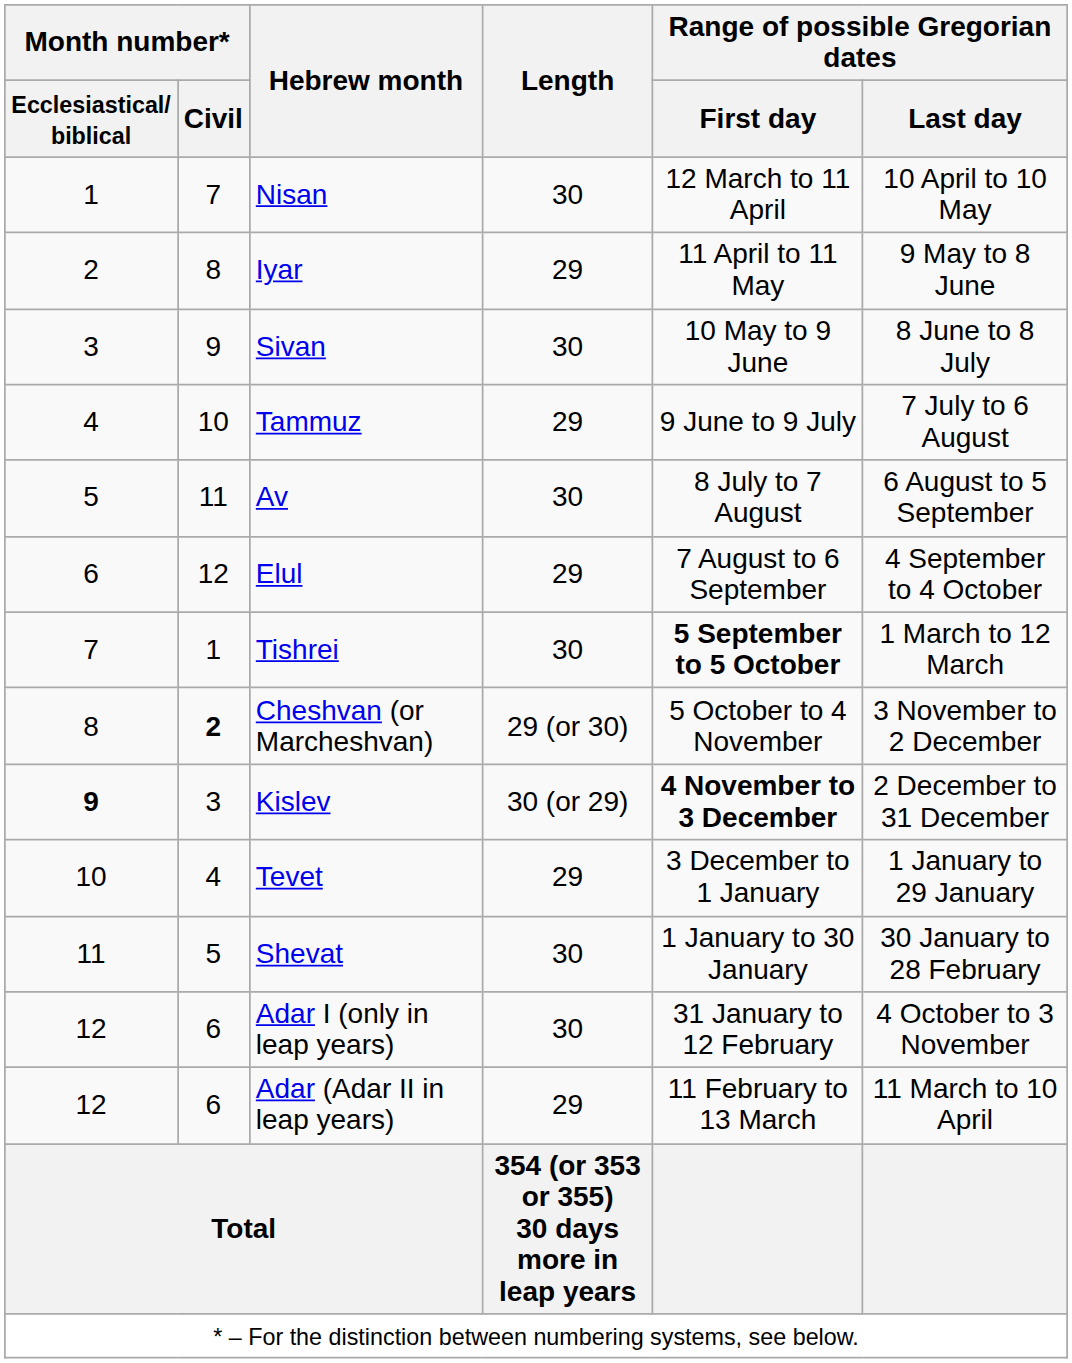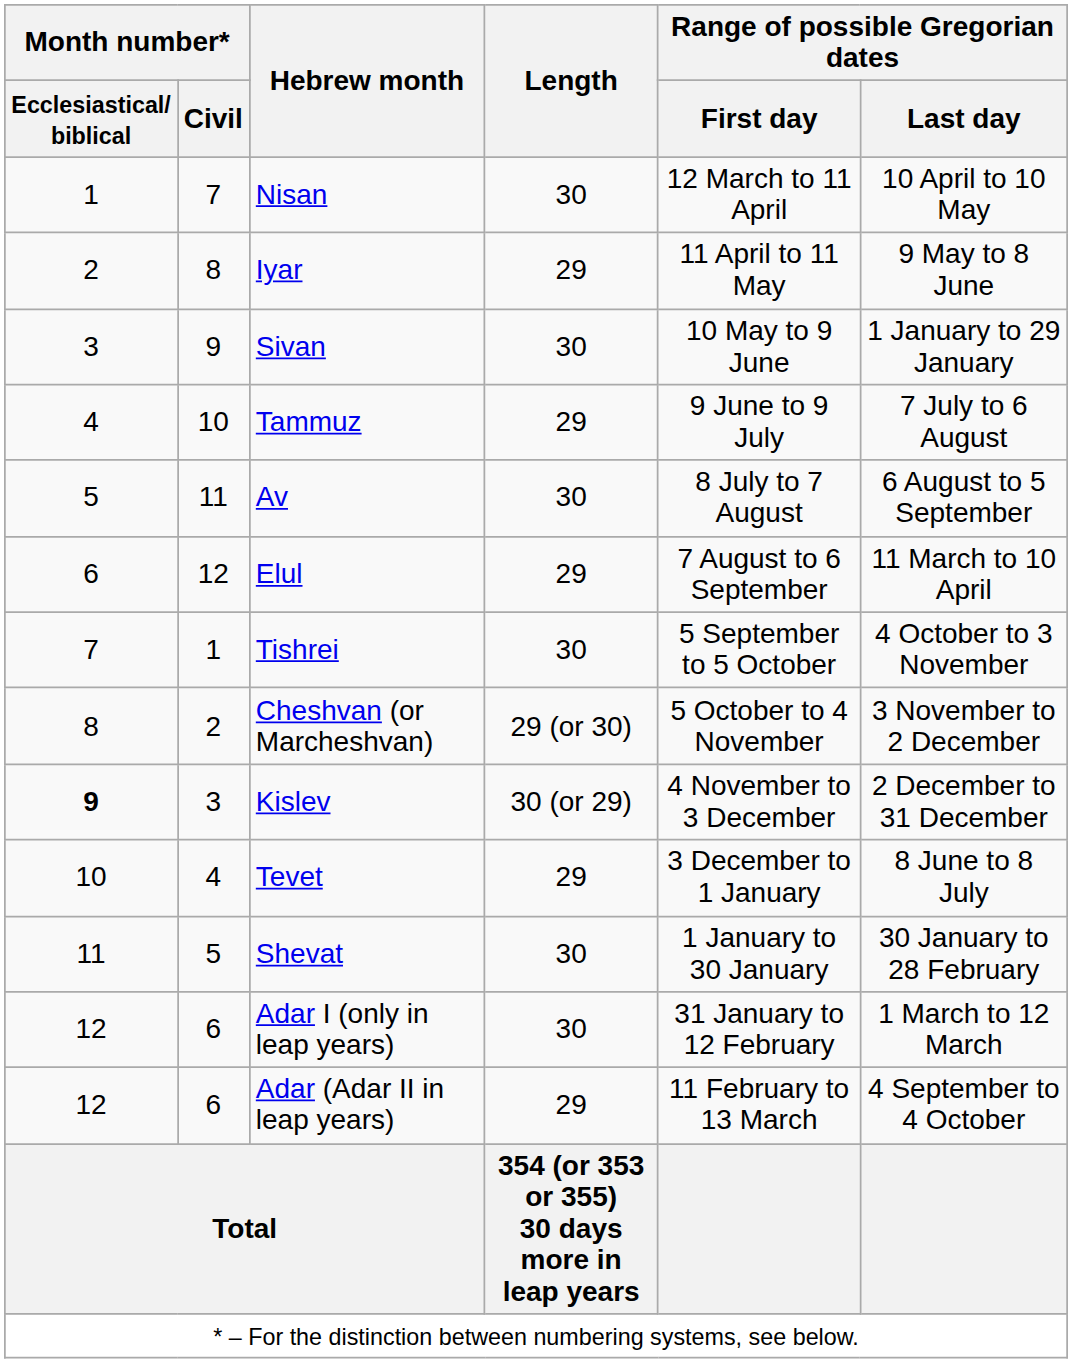 <table class="wikitable">
 <tr>
 <th colspan="2">Month number*</th>
 <th rowspan="2">Hebrew month</th>
 <th rowspan="2">Length</th>
 <th colspan="2">Range of possible Gregorian dates</th>
 </tr>
 <tr>
 <th><small>Ecclesiastical/<br>biblical</small></th>
 <th>Civil</th>
 <th>First day</th>
 <th>Last day</th>
 </tr>
 <tr>
 <td style="text-align:center;">1</td>
 <td style="text-align:center;">7</td>
 <td><a href='#'>Nisan</a></td>
 <td style="text-align:center;">30</td>
 <td style="text-align:center;">12 March to 11 April</td>
 <td style="text-align:center;">10 April to 10 May</td>
 </tr>
 <tr>
 <td style="text-align:center;">2</td>
 <td style="text-align:center;">8</td>
 <td><a href='#'>Iyar</a></td>
 <td style="text-align:center;">29</td>
 <td style="text-align:center;">11 April to 11 May</td>
 <td style="text-align:center;">9 May to 8 June</td>
 </tr>
 <tr>
 <td style="text-align:center;">3</td>
 <td style="text-align:center;">9</td>
 <td><a href='#'>Sivan</a></td>
 <td style="text-align:center;">30</td>
 <td style="text-align:center;">10 May to 9 June</td>
-<td style="text-align:center;">8 June to 8 July</td>
+<td style="text-align:center;">1 January to 29 January</td>
 </tr>
 <tr>
 <td style="text-align:center;">4</td>
 <td style="text-align:center;">10</td>
 <td><a href='#'>Tammuz</a></td>
 <td style="text-align:center;">29</td>
 <td style="text-align:center;">9 June to 9 July</td>
 <td style="text-align:center;">7 July to 6 August</td>
 </tr>
 <tr>
 <td style="text-align:center;">5</td>
 <td style="text-align:center;">11</td>
 <td><a href='#'>Av</a></td>
 <td style="text-align:center;">30</td>
 <td style="text-align:center;">8 July to 7 August</td>
 <td style="text-align:center;">6 August to 5 September</td>
 </tr>
 <tr>
 <td style="text-align:center;">6</td>
 <td style="text-align:center;">12</td>
 <td><a href='#'>Elul</a></td>
 <td style="text-align:center;">29</td>
 <td style="text-align:center;">7 August to 6 September</td>
-<td style="text-align:center;">4 September to 4 October</td>
+<td style="text-align:center;">11 March to 10 April</td>
 </tr>
 <tr>
 <td style="text-align:center;">7</td>
 <td style="text-align:center;">1</td>
 <td><a href='#'>Tishrei</a></td>
 <td style="text-align:center;">30</td>
-<td style="text-align:center;"><strong>5 September to 5 October</strong></td>
-<td style="text-align:center;">1 March to 12 March</td>
+<td style="text-align:center;">5 September to 5 October</td>
+<td style="text-align:center;">4 October to 3 November</td>
 </tr>
 <tr>
 <td style="text-align:center;">8</td>
-<td style="text-align:center;"><strong>2</strong></td>
+<td style="text-align:center;">2</td>
 <td><a href='#'>Cheshvan</a> (or Marcheshvan)</td>
 <td style="text-align:center;">29 (or 30)</td>
 <td style="text-align:center;">5 October to 4 November</td>
 <td style="text-align:center;">3 November to 2 December</td>
 </tr>
 <tr>
 <td style="text-align:center;"><strong>9</strong></td>
 <td style="text-align:center;">3</td>
 <td><a href='#'>Kislev</a></td>
 <td style="text-align:center;">30 (or 29)</td>
-<td style="text-align:center;"><strong>4 November to 3 December</strong></td>
+<td style="text-align:center;">4 November to 3 December</td>
 <td style="text-align:center;">2 December to 31 December</td>
 </tr>
 <tr>
 <td style="text-align:center;">10</td>
 <td style="text-align:center;">4</td>
 <td><a href='#'>Tevet</a></td>
 <td style="text-align:center;">29</td>
 <td style="text-align:center;">3 December to 1 January</td>
-<td style="text-align:center;">1 January to 29 January</td>
+<td style="text-align:center;">8 June to 8 July</td>
 </tr>
 <tr>
 <td style="text-align:center;">11</td>
 <td style="text-align:center;">5</td>
 <td><a href='#'>Shevat</a></td>
 <td style="text-align:center;">30</td>
 <td style="text-align:center;">1 January to 30 January</td>
 <td style="text-align:center;">30 January to 28 February</td>
 </tr>
 <tr>
 <td style="text-align:center;">12</td>
 <td style="text-align:center;">6</td>
 <td><a href='#'>Adar</a> I (only in leap years)</td>
 <td style="text-align:center;">30</td>
 <td style="text-align:center;">31 January to 12 February</td>
-<td style="text-align:center;">4 October to 3 November</td>
+<td style="text-align:center;">1 March to 12 March</td>
 </tr>
 <tr>
 <td style="text-align:center;">12</td>
 <td style="text-align:center;">6</td>
 <td><a href='#'>Adar</a> (Adar II in leap years)</td>
 <td style="text-align:center;">29</td>
 <td style="text-align:center;">11 February to 13 March</td>
-<td style="text-align:center;">11 March to 10 April</td>
+<td style="text-align:center;">4 September to 4 October</td>
 </tr>
 <tr>
 <th colspan=3>Total</th>
 <th>354 (or 353 or 355) <br> 30 days more in leap years</th>
 <th></th>
 <th></th>
 </tr>
 <tr style="background:#FFF;">
 <td colspan=6 style="text-align:center;"><small>* – For the distinction between numbering systems, see  below.</small></td>
 </tr>
 </table>
